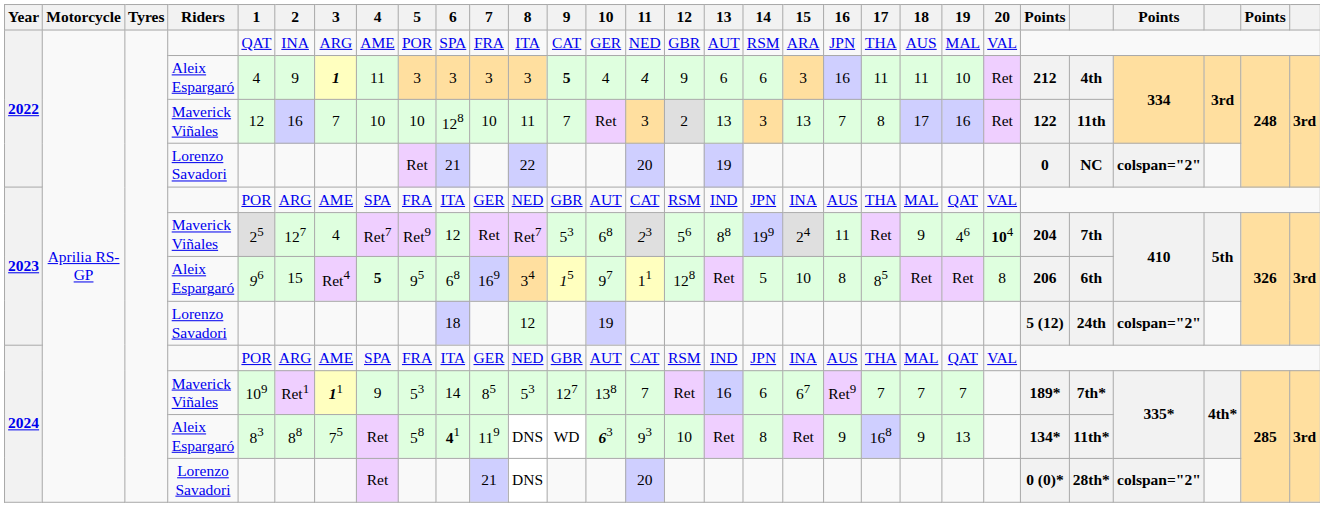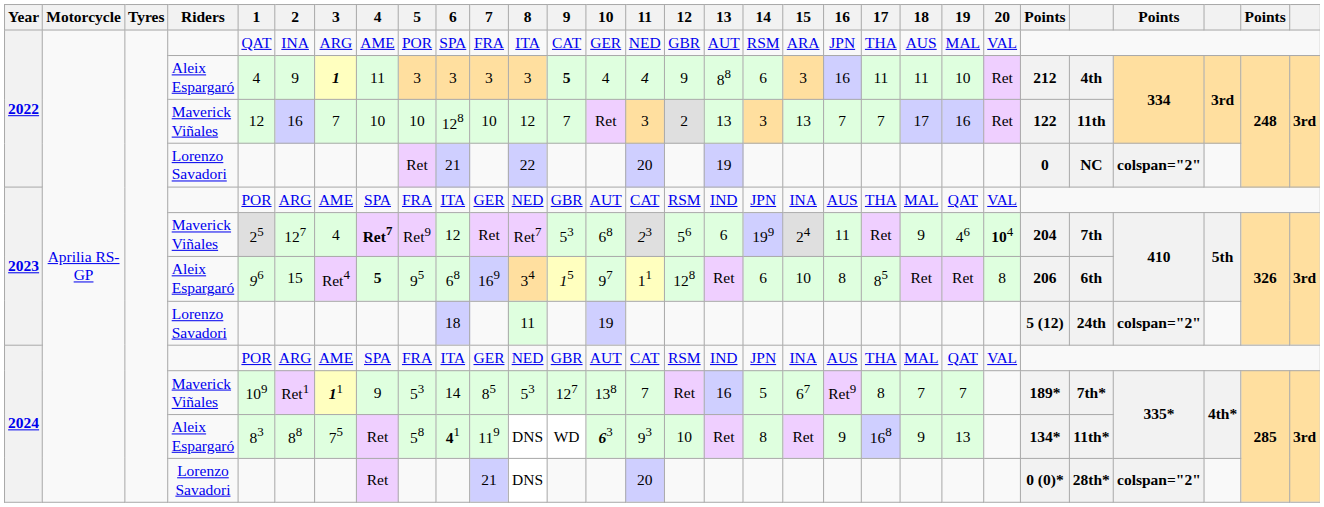 <table class="wikitable" border="1" style="text-align:center; font-size:95%">
 <tr>
 <th scope="col">Year</th>
 <th scope="col">Motorcycle</th>
 <th scope="col">Tyres</th>
 <th scope="col">Riders</th>
 <th scope="col">1</th>
 <th scope="col">2</th>
 <th scope="col">3</th>
 <th scope="col">4</th>
 <th scope="col">5</th>
 <th scope="col">6</th>
 <th scope="col">7</th>
 <th scope="col">8</th>
 <th scope="col">9</th>
 <th scope="col">10</th>
 <th scope="col">11</th>
 <th scope="col">12</th>
 <th scope="col">13</th>
 <th scope="col">14</th>
 <th scope="col">15</th>
 <th scope="col">16</th>
 <th scope="col">17</th>
 <th scope="col">18</th>
 <th scope="col">19</th>
 <th scope="col">20</th>
 <th>Points</th>
 <th></th>
 <th>Points</th>
 <th></th>
 <th>Points</th>
 <th></th>
 </tr>
 <tr>
 <th rowspan=4><a href='#'>2022</a></th>
 <td rowspan="12"><a href='#'>Aprilia RS-GP</a></td>
 <td rowspan="12"></td>
 <td colspan=1></td>
 <td><a href='#'>QAT</a></td>
 <td><a href='#'>INA</a></td>
 <td><a href='#'>ARG</a></td>
 <td><a href='#'>AME</a></td>
 <td><a href='#'>POR</a></td>
 <td><a href='#'>SPA</a></td>
 <td><a href='#'>FRA</a></td>
 <td><a href='#'>ITA</a></td>
 <td><a href='#'>CAT</a></td>
 <td><a href='#'>GER</a></td>
 <td><a href='#'>NED</a></td>
 <td><a href='#'>GBR</a></td>
 <td><a href='#'>AUT</a></td>
 <td><a href='#'>RSM</a></td>
 <td><a href='#'>ARA</a></td>
 <td><a href='#'>JPN</a></td>
 <td><a href='#'>THA</a></td>
 <td><a href='#'>AUS</a></td>
 <td><a href='#'>MAL</a></td>
 <td><a href='#'>VAL</a></td>
 <td colspan="6"></td>
 </tr>
 <tr>
 <td align="left"> <a href='#'>Aleix Espargaró</a></td>
 <td style="background:#DFFFDF;">4</td>
 <td style="background:#DFFFDF;">9</td>
 <td style="background:#FFFFBF;"><strong><em>1</em></strong></td>
 <td style="background:#DFFFDF;">11</td>
 <td style="background:#FFDF9F;">3</td>
 <td style="background:#FFDF9F;">3</td>
 <td style="background:#FFDF9F;">3</td>
 <td style="background:#FFDF9F;">3</td>
 <td style="background:#DFFFDF;"><strong>5</strong></td>
 <td style="background:#DFFFDF;">4</td>
 <td style="background:#DFFFDF;"><em>4</em></td>
 <td style="background:#DFFFDF;">9</td>
-<td style="background:#DFFFDF;">6</td>
+<td style="background:#dfffdf;">8<sup>8</sup></td>
 <td style="background:#DFFFDF;">6</td>
 <td style="background:#FFDF9F;">3</td>
 <td style="background:#CFCFFF;">16</td>
 <td style="background:#DFFFDF;">11</td>
 <td style="background:#dfffdf;">11</td>
 <td style="background:#DFFFDF;">10</td>
 <td style="background:#efcfff;">Ret</td>
 <th>212</th>
 <th>4th</th>
 <th rowspan="2" style="background:#FFDF9F;">334</th>
 <th rowspan="2" style="background:#FFDF9F;">3rd</th>
 <th rowspan="3" style="background:#FFDF9F;">248</th>
 <th rowspan="3" style="background:#FFDF9F;">3rd</th>
 </tr>
 <tr>
 <td align="left"> <a href='#'>Maverick Viñales</a></td>
 <td style="background:#DFFFDF;">12</td>
 <td style="background:#CFCFFF;">16</td>
 <td style="background:#DFFFDF;">7</td>
 <td style="background:#DFFFDF;">10</td>
 <td style="background:#DFFFDF;">10</td>
 <td style="background:#DFFFDF;">12<sup>8</sup></td>
 <td style="background:#DFFFDF;">10</td>
-<td style="background:#dfffdf;">11</td>
+<td style="background:#DFFFDF;">12</td>
 <td style="background:#DFFFDF;">7</td>
 <td style="background:#efcfff;">Ret</td>
 <td style="background:#FFDF9F;">3</td>
 <td style="background:#DFDFDF;">2</td>
 <td style="background:#DFFFDF;">13</td>
 <td style="background:#FFDF9F;">3</td>
 <td style="background:#DFFFDF;">13</td>
 <td style="background:#DFFFDF;">7</td>
-<td style="background:#DFFFDF;">8</td>
+<td style="background:#DFFFDF;">7</td>
 <td style="background:#CFCFFF;">17</td>
 <td style="background:#CFCFFF;">16</td>
 <td style="background:#efcfff;">Ret</td>
 <th>122</th>
 <th>11th</th>
 </tr>
 <tr>
 <td align="left"> <a href='#'>Lorenzo Savadori</a></td>
 <td></td>
 <td></td>
 <td></td>
 <td></td>
 <td style="background:#EFCFFF;">Ret</td>
 <td style="background:#cfcfff;">21</td>
 <td></td>
 <td style="background:#cfcfff;">22</td>
 <td></td>
 <td></td>
 <td style="background:#cfcfff;">20</td>
 <td></td>
 <td style="background:#cfcfff;">19</td>
 <td></td>
 <td></td>
 <td></td>
 <td></td>
 <td></td>
 <td></td>
 <td></td>
 <th>0</th>
 <th>NC</th>
 <th>colspan="2" </th>
 </tr>
 <tr>
 <th rowspan=4><a href='#'>2023</a></th>
 <td colspan=1></td>
 <td><a href='#'>POR</a></td>
 <td><a href='#'>ARG</a></td>
 <td><a href='#'>AME</a></td>
 <td><a href='#'>SPA</a></td>
 <td><a href='#'>FRA</a></td>
 <td><a href='#'>ITA</a></td>
 <td><a href='#'>GER</a></td>
 <td><a href='#'>NED</a></td>
 <td><a href='#'>GBR</a></td>
 <td><a href='#'>AUT</a></td>
 <td><a href='#'>CAT</a></td>
 <td><a href='#'>RSM</a></td>
 <td><a href='#'>IND</a></td>
 <td><a href='#'>JPN</a></td>
 <td><a href='#'>INA</a></td>
 <td><a href='#'>AUS</a></td>
 <td><a href='#'>THA</a></td>
 <td><a href='#'>MAL</a></td>
 <td><a href='#'>QAT</a></td>
 <td><a href='#'>VAL</a></td>
 <td colspan="6"></td>
 </tr>
 <tr>
 <td align="left"> <a href='#'>Maverick Viñales</a></td>
 <td style="background:#dfdfdf;">2<sup>5</sup></td>
 <td style="background:#dfffdf;">12<sup>7</sup></td>
 <td style="background:#dfffdf;">4</td>
-<td style="background:#efcfff;">Ret<sup>7</sup></td>
+<td style="background:#efcfff;"><strong>Ret<sup>7</sup></strong></td>
 <td style="background:#efcfff;">Ret<sup>9</sup></td>
 <td style="background:#dfffdf;">12</td>
 <td style="background:#efcfff;">Ret</td>
 <td style="background:#efcfff;">Ret<sup>7</sup></td>
 <td style="background:#dfffdf;">5<sup>3</sup></td>
 <td style="background:#dfffdf;">6<sup>8</sup></td>
 <td style="background:#dfdfdf;"><em>2</em><sup>3</sup></td>
 <td style="background:#dfffdf;">5<sup>6</sup></td>
-<td style="background:#dfffdf;">8<sup>8</sup></td>
+<td style="background:#DFFFDF;">6</td>
 <td style="background:#cfcfff;">19<sup>9</sup></td>
 <td style="background:#dfdfdf;">2<sup>4</sup></td>
 <td style="background:#dfffdf;">11</td>
 <td style="background:#efcfff;">Ret</td>
 <td style="background:#DFFFDF;">9</td>
 <td style="background:#dfffdf;">4<sup>6</sup></td>
 <td style="background:#dfffdf;"><strong>10</strong><sup>4</sup></td>
 <th>204</th>
 <th>7th</th>
 <th rowspan="2">410</th>
 <th rowspan="2">5th</th>
 <th rowspan="3" style="background:#ffdf9f;">326</th>
 <th rowspan="3" style="background:#ffdf9f;">3rd</th>
 </tr>
 <tr>
 <td align="left"> <a href='#'>Aleix Espargaró</a></td>
 <td style="background:#dfffdf;"><em>9</em><sup>6</sup></td>
 <td style="background:#dfffdf;">15</td>
 <td style="background:#efcfff;">Ret<sup>4</sup></td>
 <td style="background:#dfffdf;"><strong>5</strong></td>
 <td style="background:#DFFFDF;">9<sup>5</sup></td>
 <td style="background:#dfffdf;">6<sup>8</sup></td>
 <td style="background:#cfcfff;">16<sup>9</sup></td>
 <td style="background:#ffdf9f;">3<sup>4</sup></td>
 <td style="background:#ffffbf;"><em>1</em><sup>5</sup></td>
 <td style="background:#dfffdf;">9<sup>7</sup></td>
 <td style="background:#ffffbf;">1<sup>1</sup></td>
 <td style="background:#dfffdf;">12<sup>8</sup></td>
 <td style="background:#efcfff;">Ret</td>
-<td style="background:#dfffdf;">5</td>
+<td style="background:#DFFFDF;">6</td>
 <td style="background:#dfffdf;">10</td>
 <td style="background:#dfffdf;">8</td>
 <td style="background:#dfffdf;">8<sup>5</sup></td>
 <td style="background:#efcfff;">Ret</td>
 <td style="background:#efcfff;">Ret</td>
 <td style="background:#dfffdf;">8</td>
 <th>206</th>
 <th>6th</th>
 </tr>
 <tr>
 <td align="left"> <a href='#'>Lorenzo Savadori</a></td>
 <td></td>
 <td></td>
 <td></td>
 <td></td>
 <td></td>
 <td style="background:#cfcfff;">18</td>
 <td></td>
-<td style="background:#DFFFDF;">12</td>
+<td style="background:#dfffdf;">11</td>
 <td></td>
 <td style="background:#cfcfff;">19</td>
 <td></td>
 <td></td>
 <td></td>
 <td></td>
 <td></td>
 <td></td>
 <td></td>
 <td></td>
 <td></td>
 <td></td>
 <th>5 (12)</th>
 <th>24th</th>
 <th>colspan="2" </th>
 </tr>
 <tr>
 <th rowspan=4><a href='#'>2024</a></th>
 <td colspan=1></td>
 <td><a href='#'>POR</a></td>
 <td><a href='#'>ARG</a></td>
 <td><a href='#'>AME</a></td>
 <td><a href='#'>SPA</a></td>
 <td><a href='#'>FRA</a></td>
 <td><a href='#'>ITA</a></td>
 <td><a href='#'>GER</a></td>
 <td><a href='#'>NED</a></td>
 <td><a href='#'>GBR</a></td>
 <td><a href='#'>AUT</a></td>
 <td><a href='#'>CAT</a></td>
 <td><a href='#'>RSM</a></td>
 <td><a href='#'>IND</a></td>
 <td><a href='#'>JPN</a></td>
 <td><a href='#'>INA</a></td>
 <td><a href='#'>AUS</a></td>
 <td><a href='#'>THA</a></td>
 <td><a href='#'>MAL</a></td>
 <td><a href='#'>QAT</a></td>
 <td><a href='#'>VAL</a></td>
 <td colspan="6"></td>
 </tr>
 <tr>
 <td align=left> <a href='#'>Maverick Viñales</a></td>
 <td style="background:#DFFFDF;">10<sup>9</sup></td>
 <td style="background:#EFCFFF;">Ret<sup>1</sup></td>
 <td style="background:#FFFFBF;"><strong><em>1</em></strong><sup>1</sup></td>
 <td style="background:#DFFFDF;">9</td>
 <td style="background:#DFFFDF;">5<sup>3</sup></td>
 <td style="background:#DFFFDF;">14</td>
 <td style="background:#DFFFDF;">8<sup>5</sup></td>
 <td style="background:#DFFFDF;">5<sup>3</sup></td>
 <td style="background:#DFFFDF;">12<sup>7</sup></td>
 <td style="background:#DFFFDF;">13<sup>8</sup></td>
 <td style="background:#DFFFDF;">7</td>
 <td style="background:#EFCFFF;">Ret</td>
 <td style="background:#CFCFFF;">16</td>
-<td style="background:#DFFFDF;">6</td>
+<td style="background:#dfffdf;">5</td>
 <td style="background:#DFFFDF;">6<sup>7</sup></td>
 <td style="background:#EFCFFF;">Ret<sup>9</sup></td>
-<td style="background:#DFFFDF;">7</td>
+<td style="background:#DFFFDF;">8</td>
 <td style="background:#DFFFDF;">7</td>
 <td style="background:#DFFFDF;">7</td>
 <td style="background:#;"></td>
 <th>189*</th>
 <th>7th*</th>
 <th rowspan=2>335*</th>
 <th rowspan=2>4th*</th>
 <th rowspan=3 style="background:#FFDF9F;">285</th>
 <th rowspan=3 style="background:#FFDF9F;">3rd</th>
 </tr>
 <tr>
 <td align=left> <a href='#'>Aleix Espargaró</a></td>
 <td style="background:#DFFFDF;">8<sup>3</sup></td>
 <td style="background:#DFFFDF;">8<sup>8</sup></td>
 <td style="background:#DFFFDF;">7<sup>5</sup></td>
 <td style="background:#EFCFFF;">Ret</td>
 <td style="background:#dfffdf;">5<sup>8</sup></td>
 <td style="background:#DFFFDF;"><strong>4</strong><sup>1</sup></td>
 <td style="background:#DFFFDF;">11<sup>9</sup></td>
 <td style="background:#FFFFFF;">DNS</td>
 <td style="background:#FFFFFF;">WD</td>
 <td style="background:#DFFFDF;"><strong><em>6</em></strong><sup>3</sup></td>
 <td style="background:#DFFFDF;">9<sup>3</sup></td>
 <td style="background:#DFFFDF;">10</td>
 <td style="background:#EFCFFF;">Ret</td>
 <td style="background:#DFFFDF;">8</td>
 <td style="background:#EFCFFF;">Ret</td>
 <td style="background:#DFFFDF;">9</td>
 <td style="background:#CFCFFF;">16<sup>8</sup></td>
 <td style="background:#DFFFDF;">9</td>
 <td style="background:#DFFFDF;">13</td>
 <td style="background:#;"></td>
 <th>134*</th>
 <th>11th*</th>
 </tr>
 <tr>
 <td> <a href='#'>Lorenzo Savadori</a></td>
 <td></td>
 <td></td>
 <td></td>
 <td style="background:#EFCFFF;">Ret</td>
 <td></td>
 <td></td>
 <td style="background:#CFCFFF;">21</td>
 <td style="background:#FFFFFF;">DNS</td>
 <td></td>
 <td></td>
 <td style="background:#CFCFFF;">20</td>
 <td></td>
 <td></td>
 <td></td>
 <td></td>
 <td></td>
 <td></td>
 <td></td>
 <td></td>
 <td></td>
 <th>0 (0)*</th>
 <th>28th*</th>
 <th>colspan="2" </th>
 </tr>
 </table>
